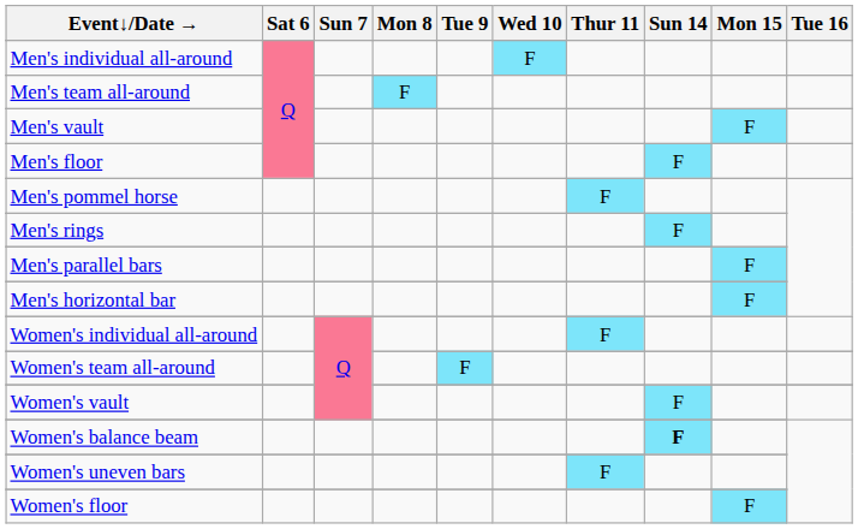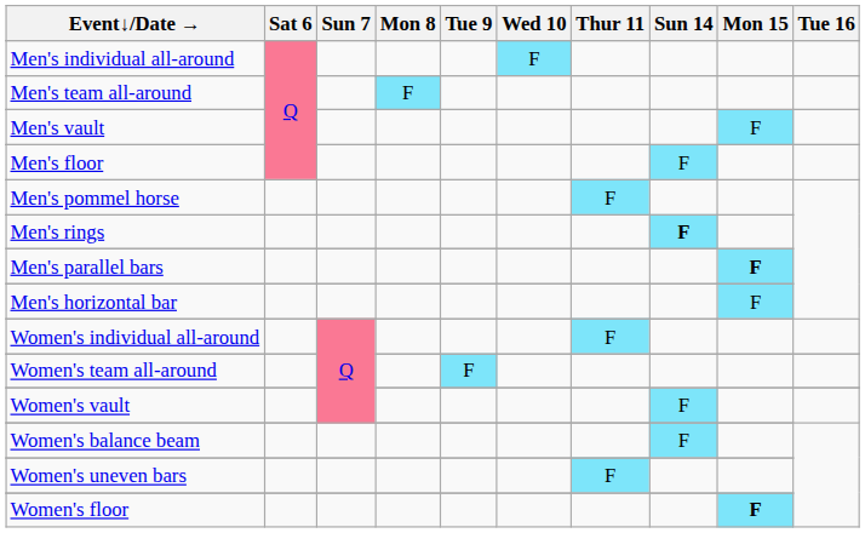 <table class="wikitable" style="margin:0.5em auto; font-size:90%; line-height:1.25em;">
 <tr style="text-align:center;">
 <th>Event↓/Date →</th>
 <th>Sat 6</th>
 <th>Sun 7</th>
 <th>Mon 8</th>
 <th>Tue 9</th>
 <th>Wed 10</th>
 <th>Thur 11</th>
 <th>Sun 14</th>
 <th>Mon 15</th>
 <th>Tue 16</th>
 </tr>
 <tr>
 </tr>
 <tr style="text-align:center;">
 <td style="text-align:left;"><a href='#'>Men's individual all-around</a></td>
 <td rowspan=8 style="background-color:#FA7894;"><a href='#'>Q</a></td>
 <td></td>
 <td></td>
 <td></td>
 <td style="background-color:#7DE5FA;">F</td>
 <td></td>
 <td></td>
 <td></td>
 <td></td>
 </tr>
 <tr>
 </tr>
 <tr style="text-align:center;">
 <td style="text-align:left;"><a href='#'>Men's team all-around</a></td>
 <td></td>
 <td style="background-color:#7DE5FA;">F</td>
 <td></td>
 <td></td>
 <td></td>
 <td></td>
 <td></td>
 <td></td>
 </tr>
 <tr>
 </tr>
 <tr style="text-align:center;">
 <td style="text-align:left;"><a href='#'>Men's vault</a></td>
 <td></td>
 <td></td>
 <td></td>
 <td></td>
 <td></td>
 <td></td>
 <td style="background-color:#7DE5FA;">F</td>
 <td></td>
 </tr>
 <tr>
 </tr>
 <tr style="text-align:center;">
 <td style="text-align:left;"><a href='#'>Men's floor</a></td>
 <td></td>
 <td></td>
 <td></td>
 <td></td>
 <td></td>
 <td style="background-color:#7DE5FA;">F</td>
 <td></td>
 <td></td>
 </tr>
 <tr>
 </tr>
 <tr style="text-align:center;">
 <td style="text-align:left;"><a href='#'>Men's pommel horse</a></td>
 <td></td>
 <td></td>
 <td></td>
 <td></td>
 <td></td>
 <td style="background-color:#7DE5FA;">F</td>
 <td></td>
 <td></td>
 </tr>
 <tr>
 </tr>
 <tr style="text-align:center;">
 <td style="text-align:left;"><a href='#'>Men's rings</a></td>
 <td></td>
 <td></td>
 <td></td>
 <td></td>
 <td></td>
 <td></td>
-<td style="background-color:#7DE5FA;">F</td>
+<td style="background-color:#7DE5FA;"><strong>F</strong></td>
 <td></td>
 </tr>
 <tr>
 </tr>
 <tr style="text-align:center;">
 <td style="text-align:left;"><a href='#'>Men's parallel bars</a></td>
 <td></td>
 <td></td>
 <td></td>
 <td></td>
 <td></td>
 <td></td>
 <td></td>
-<td style="background-color:#7DE5FA;">F</td>
+<td style="background-color:#7DE5FA;"><strong>F</strong></td>
 </tr>
 <tr>
 </tr>
 <tr style="text-align:center;">
 <td style="text-align:left;"><a href='#'>Men's horizontal bar</a></td>
 <td></td>
 <td></td>
 <td></td>
 <td></td>
 <td></td>
 <td></td>
 <td></td>
 <td style="background-color:#7DE5FA;">F</td>
 </tr>
 <tr>
 </tr>
 <tr style="text-align:center;">
 <td style="text-align:left;"><a href='#'>Women's individual all-around</a></td>
 <td></td>
 <td rowspan=6 style="background-color:#FA7894;"><a href='#'>Q</a></td>
 <td></td>
 <td></td>
 <td></td>
 <td style="background-color:#7DE5FA;">F</td>
 <td></td>
 <td></td>
 <td></td>
 </tr>
 <tr>
 </tr>
 <tr style="text-align:center;">
 <td style="text-align:left;"><a href='#'>Women's team all-around</a></td>
 <td></td>
 <td></td>
 <td style="background-color:#7DE5FA;">F</td>
 <td></td>
 <td></td>
 <td></td>
 <td></td>
 <td></td>
 </tr>
 <tr>
 </tr>
 <tr style="text-align:center;">
 <td style="text-align:left;"><a href='#'>Women's vault</a></td>
 <td></td>
 <td></td>
 <td></td>
 <td></td>
 <td></td>
 <td style="background-color:#7DE5FA;">F</td>
 <td></td>
 <td></td>
 </tr>
 <tr>
 </tr>
 <tr style="text-align:center;">
 <td style="text-align:left;"><a href='#'>Women's balance beam</a></td>
 <td></td>
 <td></td>
 <td></td>
 <td></td>
 <td></td>
 <td></td>
-<td style="background-color:#7DE5FA;"><strong>F</strong></td>
+<td style="background-color:#7DE5FA;">F</td>
 <td></td>
 </tr>
 <tr>
 </tr>
 <tr style="text-align:center;">
 <td style="text-align:left;"><a href='#'>Women's uneven bars</a></td>
 <td></td>
 <td></td>
 <td></td>
 <td></td>
 <td></td>
 <td style="background-color:#7DE5FA;">F</td>
 <td></td>
 <td></td>
 </tr>
 <tr>
 </tr>
 <tr style="text-align:center;">
 <td style="text-align:left;"><a href='#'>Women's floor</a></td>
 <td></td>
 <td></td>
 <td></td>
 <td></td>
 <td></td>
 <td></td>
 <td></td>
-<td style="background-color:#7DE5FA;">F</td>
+<td style="background-color:#7DE5FA;"><strong>F</strong></td>
 </tr>
 </table>
